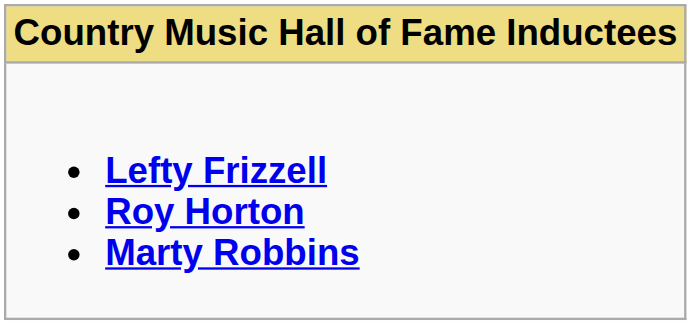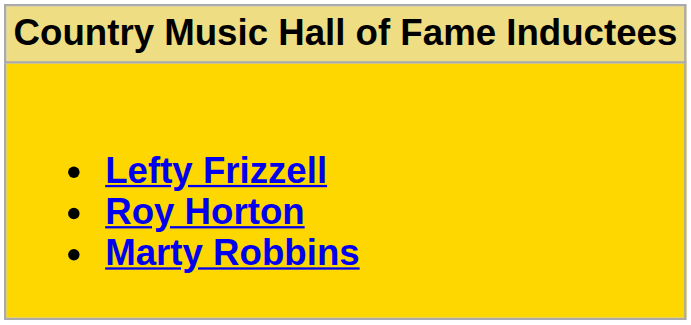 <table class="wikitable">
 <tr>
 <th style="background:#EEDD82; width=50%">Country Music Hall of Fame Inductees</th>
 </tr>
 <tr>
-<td valign="top"><br><ul><li><strong><a href='#'>Lefty Frizzell</a></strong></li><li><strong><a href='#'>Roy Horton</a></strong></li><li><strong><a href='#'>Marty Robbins</a></strong></li></ul></td>
+<td valign="top" style="background: gold;"><br><ul><li><strong><a href='#'>Lefty Frizzell</a></strong></li><li><strong><a href='#'>Roy Horton</a></strong></li><li><strong><a href='#'>Marty Robbins</a></strong></li></ul></td>
 </tr>
 </table>
